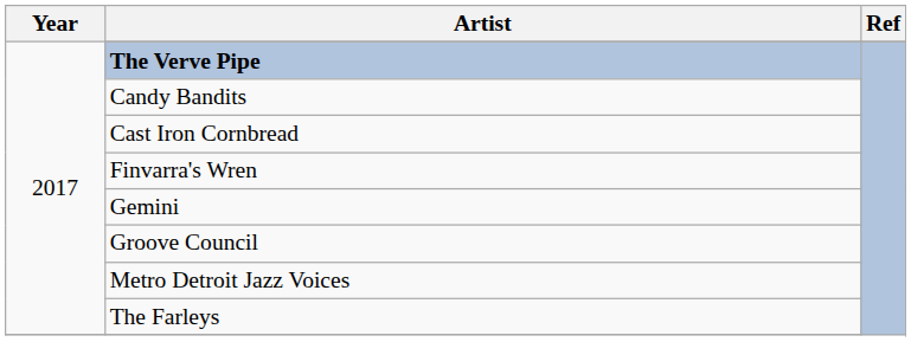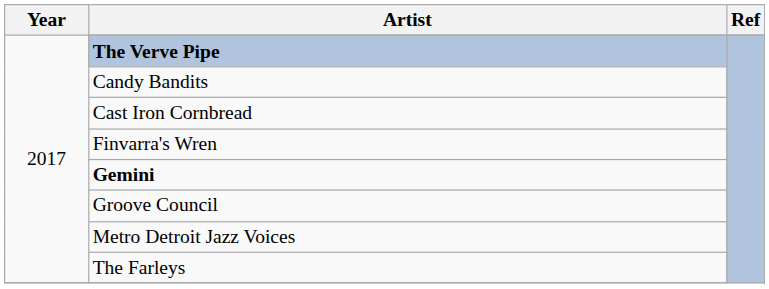 <table class="wikitable" style="width:100%;">
 <tr>
 <th style="width:11%;">Year</th>
 <th style="width:84%;">Artist</th>
 <th style="width:5%;">Ref</th>
 </tr>
 <tr>
 <td rowspan="9" align="center">2017</td>
 </tr>
 <tr style="background:#B0C4DE">
 <td><strong>The Verve Pipe</strong></td>
 <td rowspan="9" align="center"></td>
 </tr>
 <tr>
 <td>Candy Bandits</td>
 </tr>
 <tr>
 <td>Cast Iron Cornbread</td>
 </tr>
 <tr>
 <td>Finvarra's Wren</td>
 </tr>
 <tr>
-<td>Gemini</td>
+<td><strong>Gemini</strong></td>
 </tr>
 <tr>
 <td>Groove Council</td>
 </tr>
 <tr>
 <td>Metro Detroit Jazz Voices</td>
 </tr>
 <tr>
 <td>The Farleys</td>
 </tr>
 <tr>
 </tr>
 </table>
